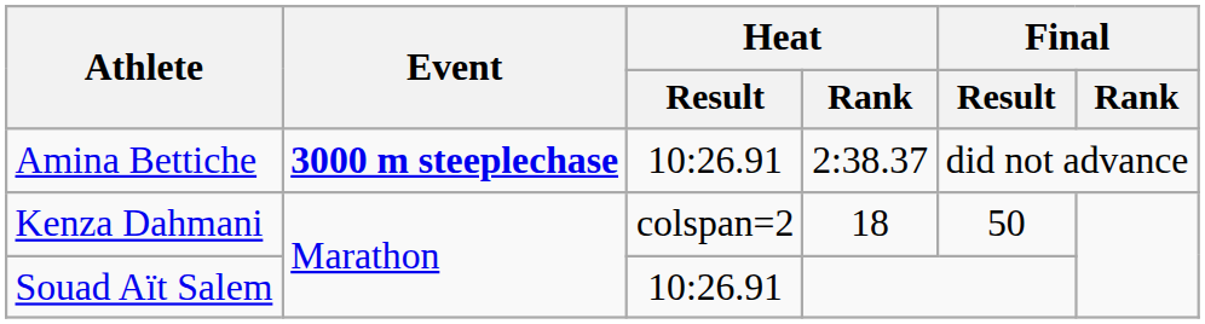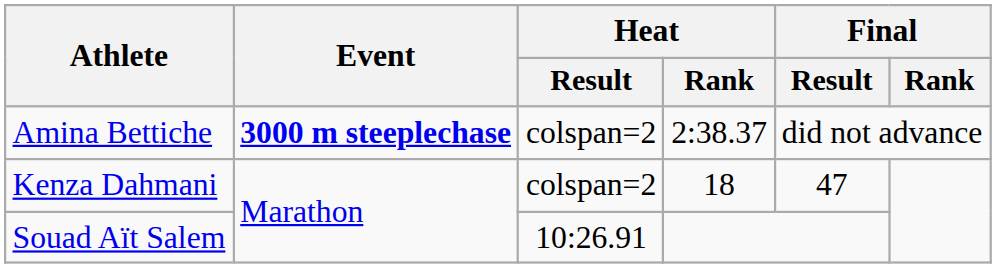 <table class="wikitable" style="font-size:90%">
 <tr>
 <th rowspan="2">Athlete</th>
 <th rowspan="2">Event</th>
 <th colspan="2">Heat</th>
 <th colspan="2">Final</th>
 </tr>
 <tr style="font-size:95%">
 <th>Result</th>
 <th>Rank</th>
 <th>Result</th>
 <th>Rank</th>
 </tr>
 <tr align=center>
 <td align=left><a href='#'>Amina Bettiche</a></td>
 <td align=left><strong><a href='#'>3000 m steeplechase</a></strong></td>
-<td>10:26.91</td>
+<td>colspan=2 </td>
 <td>2:38.37</td>
 <td colspan=2>did not advance</td>
 </tr>
 <tr align=center>
 <td align=left><a href='#'>Kenza Dahmani</a></td>
 <td align=left rowspan=2><a href='#'>Marathon</a></td>
 <td>colspan=2 </td>
 <td>18</td>
-<td>50</td>
+<td>47</td>
 </tr>
 <tr align=center>
 <td align=left><a href='#'>Souad Aït Salem</a></td>
 <td>10:26.91</td>
 <td colspan=2></td>
 </tr>
 </table>
